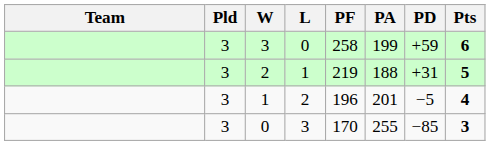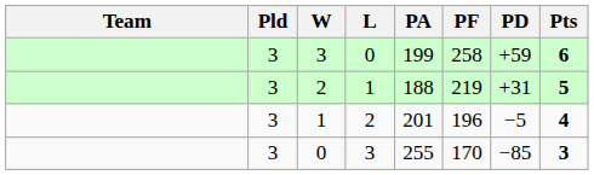 <table class=wikitable style="text-align:center">
 <tr>
 <th width=180>Team</th>
 <th width=30>Pld</th>
 <th width=30>W</th>
 <th width=30>L</th>
+<th width=30>PA</th>
 <th width=30>PF</th>
-<th width=30>PA</th>
 <th width=30>PD</th>
 <th width=30>Pts</th>
 </tr>
 <tr align=center bgcolor="#ccffcc">
 <td align=left></td>
 <td>3</td>
 <td>3</td>
 <td>0</td>
+<td>199</td>
 <td>258</td>
-<td>199</td>
 <td>+59</td>
 <td><strong>6</strong></td>
 </tr>
 <tr align=center bgcolor="#ccffcc">
 <td align=left></td>
 <td>3</td>
 <td>2</td>
 <td>1</td>
+<td>188</td>
 <td>219</td>
-<td>188</td>
 <td>+31</td>
 <td><strong>5</strong></td>
 </tr>
 <tr align=center>
 <td align=left></td>
 <td>3</td>
 <td>1</td>
 <td>2</td>
+<td>201</td>
 <td>196</td>
-<td>201</td>
 <td>−5</td>
 <td><strong>4</strong></td>
 </tr>
 <tr align=center>
 <td align=left></td>
 <td>3</td>
 <td>0</td>
 <td>3</td>
+<td>255</td>
 <td>170</td>
-<td>255</td>
 <td>−85</td>
 <td><strong>3</strong></td>
 </tr>
 </table>
